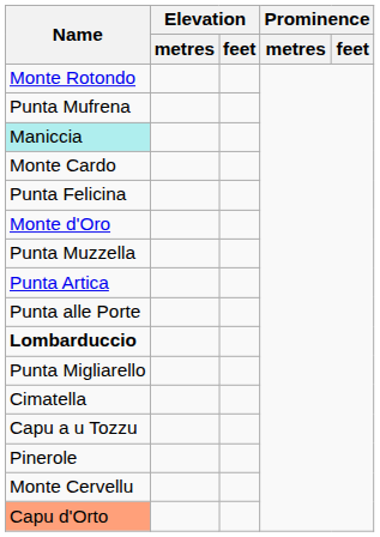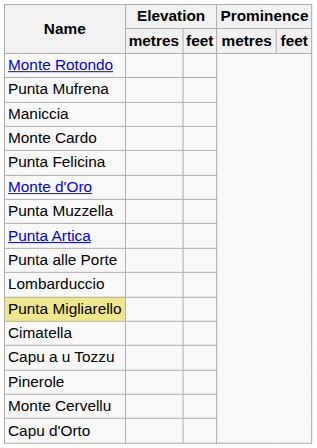 <table class="wikitable sortable">
 <tr>
 <th rowspan=2>Name</th>
 <th colspan=2>Elevation</th>
 <th colspan=2>Prominence</th>
 </tr>
 <tr>
 <th>metres</th>
 <th>feet</th>
 <th>metres</th>
 <th>feet</th>
 </tr>
 <tr>
 <td><a href='#'>Monte Rotondo</a></td>
 <td></td>
 <td></td>
 </tr>
 <tr>
 <td>Punta Mufrena</td>
 <td></td>
 <td></td>
 </tr>
 <tr>
-<td style="background: paleturquoise;">Maniccia</td>
+<td>Maniccia</td>
 <td></td>
 <td></td>
 </tr>
 <tr>
 <td>Monte Cardo</td>
 <td></td>
 <td></td>
 </tr>
 <tr>
 <td>Punta Felicina</td>
 <td></td>
 <td></td>
 </tr>
 <tr>
 <td><a href='#'>Monte d'Oro</a></td>
 <td></td>
 <td></td>
 </tr>
 <tr>
 <td>Punta Muzzella</td>
 <td></td>
 <td></td>
 </tr>
 <tr>
 <td><a href='#'>Punta Artica</a></td>
 <td></td>
 <td></td>
 </tr>
 <tr>
 <td>Punta alle Porte</td>
 <td></td>
 <td></td>
 </tr>
 <tr>
-<td><strong>Lombarduccio</strong></td>
+<td>Lombarduccio</td>
 <td></td>
 <td></td>
 </tr>
 <tr>
-<td>Punta Migliarello</td>
+<td style="background: khaki;">Punta Migliarello</td>
 <td></td>
 <td></td>
 </tr>
 <tr>
 <td>Cimatella</td>
 <td></td>
 <td></td>
 </tr>
 <tr>
 <td>Capu a u Tozzu</td>
 <td></td>
 <td></td>
 </tr>
 <tr>
 <td>Pinerole</td>
 <td></td>
 <td></td>
 </tr>
 <tr>
 <td>Monte Cervellu</td>
 <td></td>
 <td></td>
 </tr>
 <tr>
-<td style="background: lightsalmon;">Capu d'Orto</td>
+<td>Capu d'Orto</td>
 <td></td>
 <td></td>
 </tr>
 </table>
